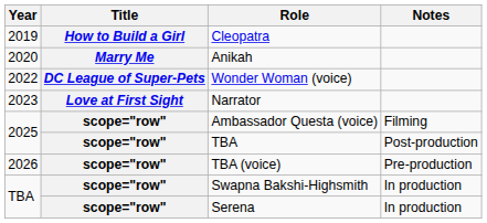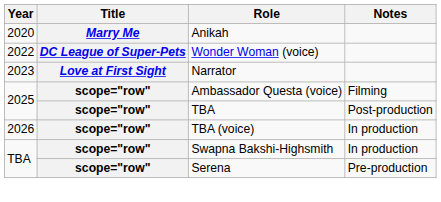 <table class="wikitable sortable plainrowheaders">
 <tr>
 <th scope="col">Year</th>
 <th scope="col">Title</th>
 <th scope="col">Role</th>
 <th scope="col" class="unsortable">Notes</th>
-</tr>
-<tr>
-<td>2019</td>
-<th scope="row"><em><a href='#'>How to Build a Girl</a></em></th>
-<td><a href='#'>Cleopatra</a></td>
-<td></td>
 </tr>
 <tr>
 <td>2020</td>
 <th scope="row"><em><a href='#'>Marry Me</a></em></th>
 <td>Anikah</td>
 <td></td>
 </tr>
 <tr>
 <td>2022</td>
 <th scope="row"><em><a href='#'>DC League of Super-Pets</a></em></th>
 <td><a href='#'>Wonder Woman</a> (voice)</td>
 <td></td>
 </tr>
 <tr>
 <td>2023</td>
 <th scope="row"><em><a href='#'>Love at First Sight</a></em></th>
 <td>Narrator</td>
 <td></td>
 </tr>
 <tr>
 <td rowspan="2">2025</td>
 <th>scope="row" </th>
 <td>Ambassador Questa (voice)</td>
 <td>Filming</td>
 </tr>
 <tr>
 <th>scope="row" </th>
 <td>TBA</td>
 <td>Post-production</td>
 </tr>
 <tr>
 <td>2026</td>
 <th>scope="row" </th>
 <td>TBA (voice)</td>
-<td>Pre-production</td>
+<td>In production</td>
 </tr>
 <tr>
 <td rowspan="2">TBA</td>
 <th>scope="row" </th>
 <td>Swapna Bakshi-Highsmith</td>
 <td>In production</td>
 </tr>
 <tr>
 <th>scope="row" </th>
 <td>Serena</td>
-<td>In production</td>
+<td>Pre-production</td>
 </tr>
 </table>
